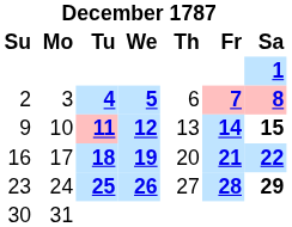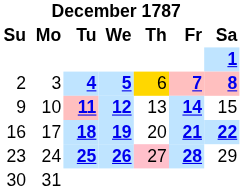 <table class="toccolours" style="text-align:right;float:left;width:14em;margin-right:1em;" cellpadding=2 cellspacing=0>
 <tr class="calendar-purple">
 <td></td>
 <th colspan="5" style="text-align: center;">December 1787</th>
 <td></td>
 </tr>
 <tr class="calendar-purple" style="border: none;">
 <th scope="col" width="14.2857%" title="Sunday">Su</th>
 <th scope="col" width="14.2857%" title="Monday">Mo</th>
 <th scope="col" width="14.2857%" title="Tuesday">Tu</th>
 <th scope="col" width="14.2857%" title="Wednesday">We</th>
 <th scope="col" width="14.2857%" title="Thursday">Th</th>
 <th scope="col" width="14.2857%" title="Friday">Fr</th>
 <th scope="col" width="14.2857%" title="Saturday">Sa</th>
 </tr>
 <tr>
 </tr>
 <tr>
 <td></td>
 <td></td>
 <td></td>
 <td></td>
 <td></td>
 <td></td>
 <td style="background-color:#BFE4FF"><strong><a href='#'>1</a></strong></td>
 </tr>
 <tr>
 <td>2</td>
 <td>3</td>
 <td style="background-color:#BFE4FF"><strong><a href='#'>4</a></strong></td>
 <td style="background-color:#BFE4FF"><strong><a href='#'>5</a></strong></td>
-<td>6</td>
+<td style="background: gold;">6</td>
 <td style="background-color:#FFBFBF"><strong><a href='#'>7</a></strong></td>
 <td style="background-color:#FFBFBF"><strong><a href='#'>8</a></strong></td>
 </tr>
 <tr>
 <td>9</td>
 <td>10</td>
 <td style="background-color:#FFBFBF"><strong><a href='#'>11</a></strong></td>
 <td style="background-color:#BFE4FF"><strong><a href='#'>12</a></strong></td>
 <td>13</td>
 <td style="background-color:#BFE4FF"><strong><a href='#'>14</a></strong></td>
-<td><strong>15</strong></td>
+<td>15</td>
 </tr>
 <tr>
 <td>16</td>
 <td>17</td>
 <td style="background-color:#BFE4FF"><strong><a href='#'>18</a></strong></td>
 <td style="background-color:#BFE4FF"><strong><a href='#'>19</a></strong></td>
 <td>20</td>
 <td style="background-color:#BFE4FF"><strong><a href='#'>21</a></strong></td>
 <td style="background-color:#BFE4FF"><strong><a href='#'>22</a></strong></td>
 </tr>
 <tr>
 <td>23</td>
 <td>24</td>
 <td style="background-color:#BFE4FF"><strong><a href='#'>25</a></strong></td>
 <td style="background-color:#BFE4FF"><strong><a href='#'>26</a></strong></td>
-<td>27</td>
+<td style="background: pink;">27</td>
 <td style="background-color:#BFE4FF"><strong><a href='#'>28</a></strong></td>
-<td><strong>29</strong></td>
+<td>29</td>
 </tr>
 <tr>
 <td>30</td>
 <td>31</td>
 <td colspan=5> </td>
 </tr>
 <tr class="calendar-purple">
 </tr>
 <tr class="calendar-purple">
 </tr>
 </table>
